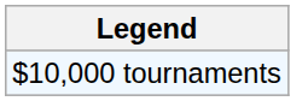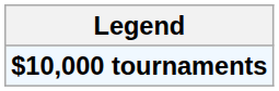 <table class="wikitable" style="font-size:95%">
 <tr>
 <th>Legend</th>
 </tr>
 <tr style="background:#f0f8ff;">
-<td>$10,000 tournaments</td>
+<td><strong>$10,000 tournaments</strong></td>
 </tr>
 </table>
